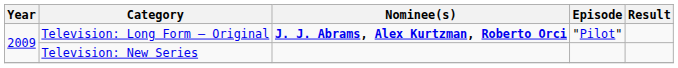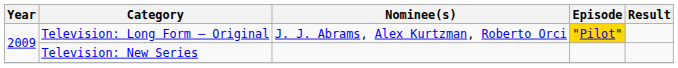 <table class="wikitable">
 <tr>
 <th>Year</th>
 <th>Category</th>
 <th>Nominee(s)</th>
 <th>Episode</th>
 <th>Result</th>
 </tr>
 <tr>
 <td rowspan=2><a href='#'>2009</a></td>
 <td><a href='#'>Television: Long Form – Original</a></td>
-<td><strong><a href='#'>J. J. Abrams</a>, <a href='#'>Alex Kurtzman</a>, <a href='#'>Roberto Orci</a></strong></td>
-<td>"<a href='#'>Pilot</a>"</td>
+<td><a href='#'>J. J. Abrams</a>, <a href='#'>Alex Kurtzman</a>, <a href='#'>Roberto Orci</a></td>
+<td style="background: gold;">"<a href='#'>Pilot</a>"</td>
 <td></td>
 </tr>
 <tr>
 <td><a href='#'>Television: New Series</a></td>
 <td></td>
 <td></td>
 <td></td>
 </tr>
 <tr>
 </tr>
 </table>
